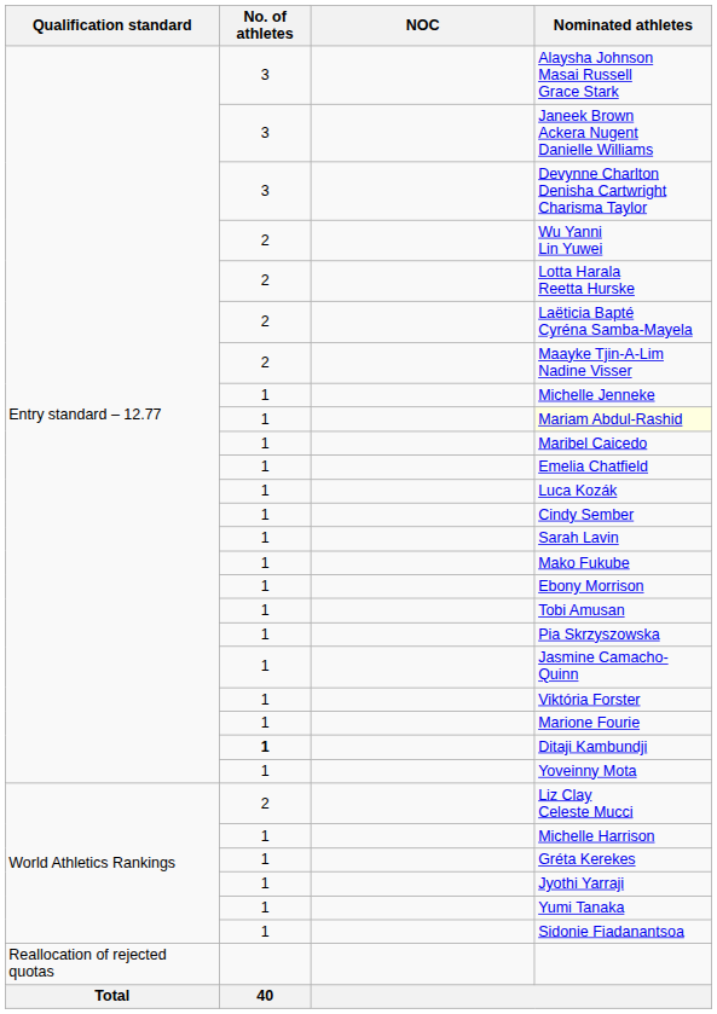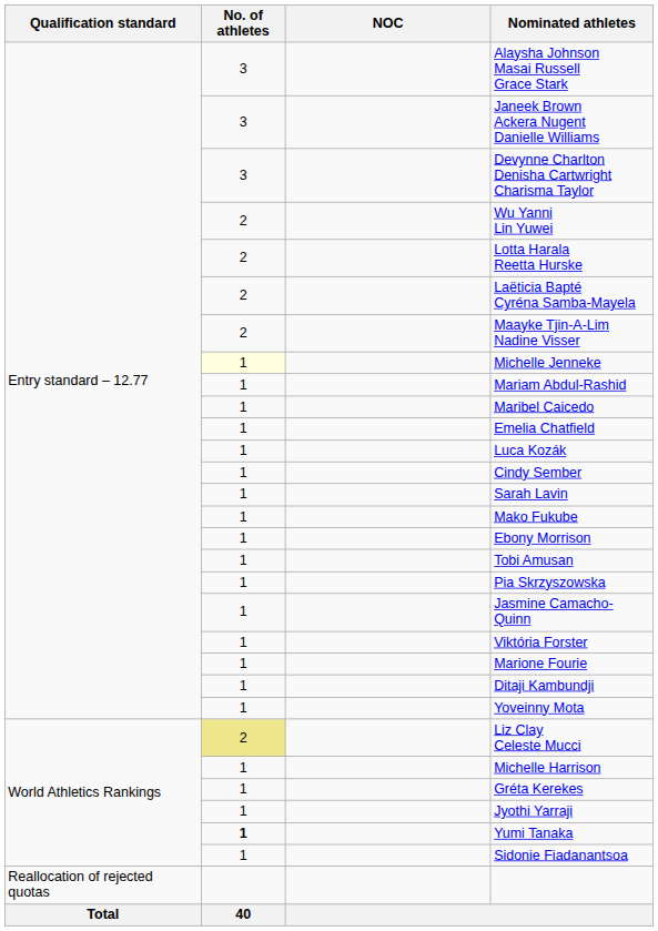 <table class="wikitable sortable" style="text-align:left; width:750px;">
 <tr>
 <th>Qualification standard</th>
 <th width=90>No. of athletes</th>
 <th width=230>NOC</th>
 <th>Nominated athletes</th>
 </tr>
 <tr>
 <td rowspan=23>Entry standard – 12.77</td>
 <td align=center>3</td>
 <td></td>
 <td><a href='#'>Alaysha Johnson</a><br><a href='#'>Masai Russell</a><br><a href='#'>Grace Stark</a></td>
 </tr>
 <tr>
 <td align=center>3</td>
 <td></td>
 <td><a href='#'>Janeek Brown</a><br><a href='#'>Ackera Nugent</a><br><a href='#'>Danielle Williams</a></td>
 </tr>
 <tr>
 <td align=center>3</td>
 <td></td>
 <td><a href='#'>Devynne Charlton</a><br><a href='#'>Denisha Cartwright</a><br><a href='#'>Charisma Taylor</a></td>
 </tr>
 <tr>
 <td align=center>2</td>
 <td></td>
 <td><a href='#'>Wu Yanni</a><br><a href='#'>Lin Yuwei</a></td>
 </tr>
 <tr>
 <td align=center>2</td>
 <td></td>
 <td><a href='#'>Lotta Harala</a><br><a href='#'>Reetta Hurske</a></td>
 </tr>
 <tr>
 <td align=center>2</td>
 <td></td>
 <td><a href='#'>Laëticia Bapté</a><br><a href='#'>Cyréna Samba-Mayela</a></td>
 </tr>
 <tr>
 <td align=center>2</td>
 <td></td>
 <td><a href='#'>Maayke Tjin-A-Lim</a><br><a href='#'>Nadine Visser</a></td>
 </tr>
 <tr>
-<td align=center>1</td>
+<td align=center style="background: lightyellow;">1</td>
 <td></td>
 <td><a href='#'>Michelle Jenneke</a></td>
 </tr>
 <tr>
 <td align=center>1</td>
 <td></td>
-<td style="background: lightyellow;"><a href='#'>Mariam Abdul-Rashid</a></td>
+<td><a href='#'>Mariam Abdul-Rashid</a></td>
 </tr>
 <tr>
 <td align=center>1</td>
 <td></td>
 <td><a href='#'>Maribel Caicedo</a></td>
 </tr>
 <tr>
 <td align=center>1</td>
 <td></td>
 <td><a href='#'>Emelia Chatfield</a></td>
 </tr>
 <tr>
 <td align=center>1</td>
 <td></td>
 <td><a href='#'>Luca Kozák</a></td>
 </tr>
 <tr>
 <td align=center>1</td>
 <td></td>
 <td><a href='#'>Cindy Sember</a></td>
 </tr>
 <tr>
 <td align=center>1</td>
 <td></td>
 <td><a href='#'>Sarah Lavin</a></td>
 </tr>
 <tr>
 <td align=center>1</td>
 <td></td>
 <td><a href='#'>Mako Fukube</a></td>
 </tr>
 <tr>
 <td align=center>1</td>
 <td></td>
 <td><a href='#'>Ebony Morrison</a></td>
 </tr>
 <tr>
 <td align=center>1</td>
 <td></td>
 <td><a href='#'>Tobi Amusan</a></td>
 </tr>
 <tr>
 <td align=center>1</td>
 <td></td>
 <td><a href='#'>Pia Skrzyszowska</a></td>
 </tr>
 <tr>
 <td align=center>1</td>
 <td></td>
 <td><a href='#'>Jasmine Camacho-Quinn</a></td>
 </tr>
 <tr>
 <td align=center>1</td>
 <td></td>
 <td><a href='#'>Viktória Forster</a></td>
 </tr>
 <tr>
 <td align=center>1</td>
 <td></td>
 <td><a href='#'>Marione Fourie</a></td>
 </tr>
 <tr>
-<td align=center><strong>1</strong></td>
+<td align=center>1</td>
 <td></td>
 <td><a href='#'>Ditaji Kambundji</a></td>
 </tr>
 <tr>
 <td align=center>1</td>
 <td></td>
 <td><a href='#'>Yoveinny Mota</a></td>
 </tr>
 <tr>
 <td rowspan =6>World Athletics Rankings</td>
-<td align=center>2</td>
+<td align=center style="background: khaki;">2</td>
 <td></td>
 <td><a href='#'>Liz Clay</a><br><a href='#'>Celeste Mucci</a></td>
 </tr>
 <tr>
 <td align=center>1</td>
 <td></td>
 <td><a href='#'>Michelle Harrison</a></td>
 </tr>
 <tr>
 <td align=center>1</td>
 <td></td>
 <td><a href='#'>Gréta Kerekes</a></td>
 </tr>
 <tr>
 <td align=center>1</td>
 <td></td>
 <td><a href='#'>Jyothi Yarraji</a></td>
 </tr>
 <tr>
-<td align=center>1</td>
+<td align=center><strong>1</strong></td>
 <td></td>
 <td><a href='#'>Yumi Tanaka</a></td>
 </tr>
 <tr>
 <td align=center>1</td>
 <td></td>
 <td><a href='#'>Sidonie Fiadanantsoa</a></td>
 </tr>
 <tr>
 <td>Reallocation of rejected quotas</td>
 <td align=center></td>
 <td></td>
 <td></td>
 </tr>
 <tr>
 <th>Total</th>
 <th>40</th>
 <th colspan=2></th>
 </tr>
 </table>
